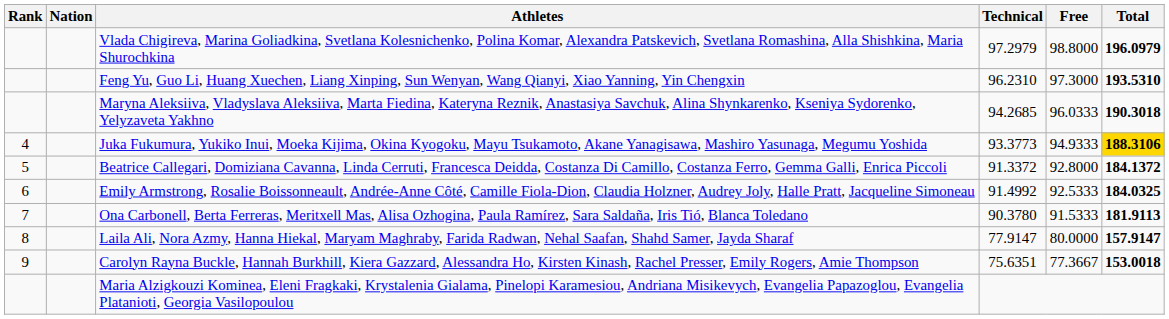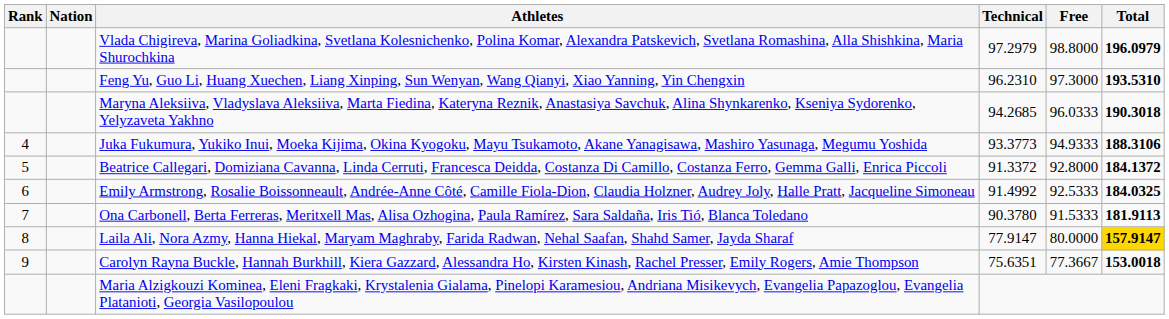 <table class="wikitable sortable" style="text-align:center">
 <tr>
 <th>Rank</th>
 <th>Nation</th>
 <th>Athletes</th>
 <th>Technical</th>
 <th>Free</th>
 <th>Total</th>
 </tr>
 <tr>
 <td></td>
 <td align=left></td>
 <td align=left><a href='#'>Vlada Chigireva</a>, <a href='#'>Marina Goliadkina</a>, <a href='#'>Svetlana Kolesnichenko</a>, <a href='#'>Polina Komar</a>, <a href='#'>Alexandra Patskevich</a>, <a href='#'>Svetlana Romashina</a>, <a href='#'>Alla Shishkina</a>, <a href='#'>Maria Shurochkina</a></td>
 <td>97.2979</td>
 <td>98.8000</td>
 <td><strong>196.0979</strong></td>
 </tr>
 <tr>
 <td></td>
 <td align=left></td>
 <td align=left><a href='#'>Feng Yu</a>, <a href='#'>Guo Li</a>, <a href='#'>Huang Xuechen</a>, <a href='#'>Liang Xinping</a>, <a href='#'>Sun Wenyan</a>, <a href='#'>Wang Qianyi</a>, <a href='#'>Xiao Yanning</a>, <a href='#'>Yin Chengxin</a></td>
 <td>96.2310</td>
 <td>97.3000</td>
 <td><strong>193.5310</strong></td>
 </tr>
 <tr>
 <td></td>
 <td align=left></td>
 <td align=left><a href='#'>Maryna Aleksiiva</a>, <a href='#'>Vladyslava Aleksiiva</a>, <a href='#'>Marta Fiedina</a>, <a href='#'>Kateryna Reznik</a>, <a href='#'>Anastasiya Savchuk</a>, <a href='#'>Alina Shynkarenko</a>, <a href='#'>Kseniya Sydorenko</a>, <a href='#'>Yelyzaveta Yakhno</a></td>
 <td>94.2685</td>
 <td>96.0333</td>
 <td><strong>190.3018</strong></td>
 </tr>
 <tr>
 <td>4</td>
 <td align=left></td>
 <td align=left><a href='#'>Juka Fukumura</a>, <a href='#'>Yukiko Inui</a>, <a href='#'>Moeka Kijima</a>, <a href='#'>Okina Kyogoku</a>, <a href='#'>Mayu Tsukamoto</a>, <a href='#'>Akane Yanagisawa</a>, <a href='#'>Mashiro Yasunaga</a>, <a href='#'>Megumu Yoshida</a></td>
 <td>93.3773</td>
 <td>94.9333</td>
-<td style="background: gold;"><strong>188.3106</strong></td>
+<td><strong>188.3106</strong></td>
 </tr>
 <tr>
 <td>5</td>
 <td align=left></td>
 <td align=left><a href='#'>Beatrice Callegari</a>, <a href='#'>Domiziana Cavanna</a>, <a href='#'>Linda Cerruti</a>, <a href='#'>Francesca Deidda</a>, <a href='#'>Costanza Di Camillo</a>, <a href='#'>Costanza Ferro</a>, <a href='#'>Gemma Galli</a>, <a href='#'>Enrica Piccoli</a></td>
 <td>91.3372</td>
 <td>92.8000</td>
 <td><strong>184.1372</strong></td>
 </tr>
 <tr>
 <td>6</td>
 <td align=left></td>
 <td align=left><a href='#'>Emily Armstrong</a>, <a href='#'>Rosalie Boissonneault</a>, <a href='#'>Andrée-Anne Côté</a>, <a href='#'>Camille Fiola-Dion</a>, <a href='#'>Claudia Holzner</a>, <a href='#'>Audrey Joly</a>, <a href='#'>Halle Pratt</a>, <a href='#'>Jacqueline Simoneau</a></td>
 <td>91.4992</td>
 <td>92.5333</td>
 <td><strong>184.0325</strong></td>
 </tr>
 <tr>
 <td>7</td>
 <td align=left></td>
 <td align=left><a href='#'>Ona Carbonell</a>, <a href='#'>Berta Ferreras</a>, <a href='#'>Meritxell Mas</a>, <a href='#'>Alisa Ozhogina</a>, <a href='#'>Paula Ramírez</a>, <a href='#'>Sara Saldaña</a>, <a href='#'>Iris Tió</a>, <a href='#'>Blanca Toledano</a></td>
 <td>90.3780</td>
 <td>91.5333</td>
 <td><strong>181.9113</strong></td>
 </tr>
 <tr>
 <td>8</td>
 <td align=left></td>
 <td align=left><a href='#'>Laila Ali</a>, <a href='#'>Nora Azmy</a>, <a href='#'>Hanna Hiekal</a>, <a href='#'>Maryam Maghraby</a>, <a href='#'>Farida Radwan</a>, <a href='#'>Nehal Saafan</a>, <a href='#'>Shahd Samer</a>, <a href='#'>Jayda Sharaf</a></td>
 <td>77.9147</td>
 <td>80.0000</td>
-<td><strong>157.9147</strong></td>
+<td style="background: gold;"><strong>157.9147</strong></td>
 </tr>
 <tr>
 <td>9</td>
 <td align=left></td>
 <td align=left><a href='#'>Carolyn Rayna Buckle</a>, <a href='#'>Hannah Burkhill</a>, <a href='#'>Kiera Gazzard</a>, <a href='#'>Alessandra Ho</a>, <a href='#'>Kirsten Kinash</a>, <a href='#'>Rachel Presser</a>, <a href='#'>Emily Rogers</a>, <a href='#'>Amie Thompson</a></td>
 <td>75.6351</td>
 <td>77.3667</td>
 <td><strong>153.0018</strong></td>
 </tr>
 <tr>
 <td></td>
 <td align=left></td>
 <td align=left><a href='#'>Maria Alzigkouzi Kominea</a>, <a href='#'>Eleni Fragkaki</a>, <a href='#'>Krystalenia Gialama</a>, <a href='#'>Pinelopi Karamesiou</a>, <a href='#'>Andriana Misikevych</a>, <a href='#'>Evangelia Papazoglou</a>, <a href='#'>Evangelia Platanioti</a>, <a href='#'>Georgia Vasilopoulou</a></td>
 <td colspan="3"></td>
 </tr>
 </table>
